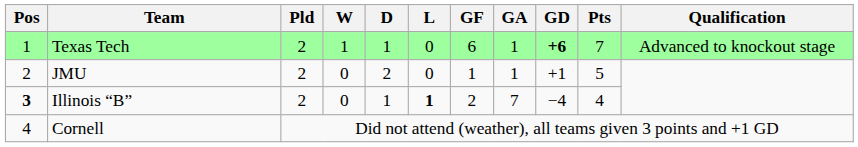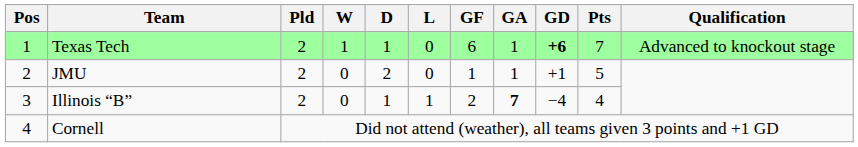 <table class="wikitable" style="text-align:center; margin: 1em auto">
 <tr>
 <th style="width:2em">Pos</th>
 <th style="width:13em">Team</th>
 <th style="width:2em">Pld</th>
 <th style="width:2em">W</th>
 <th style="width:2em">D</th>
 <th style="width:2em">L</th>
 <th style="width:2em">GF</th>
 <th style="width:2em">GA</th>
 <th style="width:2em">GD</th>
 <th style="width:2em">Pts</th>
 <th style="width:13em">Qualification</th>
 </tr>
 <tr bgcolor="#9eff9e">
 <td>1</td>
 <td style="text-align:left">Texas Tech</td>
 <td>2</td>
 <td>1</td>
 <td>1</td>
 <td>0</td>
 <td>6</td>
 <td>1</td>
 <td><strong>+6</strong></td>
 <td>7</td>
 <td>Advanced to knockout stage</td>
 </tr>
 <tr>
 <td>2</td>
 <td style="text-align:left">JMU</td>
 <td>2</td>
 <td>0</td>
 <td>2</td>
 <td>0</td>
 <td>1</td>
 <td>1</td>
 <td>+1</td>
 <td>5</td>
 </tr>
 <tr>
-<td><strong>3</strong></td>
+<td>3</td>
 <td style="text-align:left">Illinois “B”</td>
 <td>2</td>
 <td>0</td>
 <td>1</td>
-<td><strong>1</strong></td>
+<td>1</td>
 <td>2</td>
-<td>7</td>
+<td><strong>7</strong></td>
 <td>−4</td>
 <td>4</td>
 </tr>
 <tr>
 <td>4</td>
 <td style="text-align:left">Cornell</td>
 <td colspan="9">Did not attend (weather), all teams given 3 points and +1 GD</td>
 </tr>
 </table>
